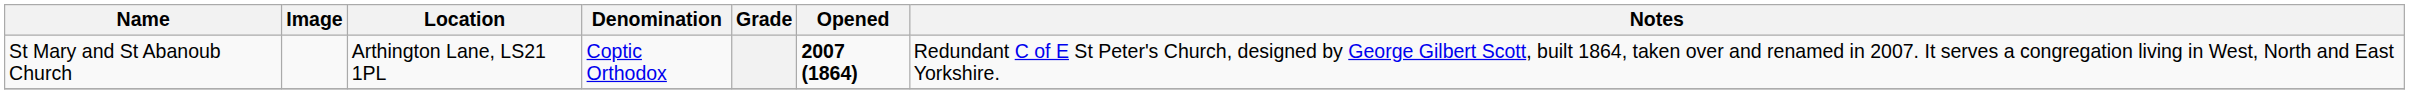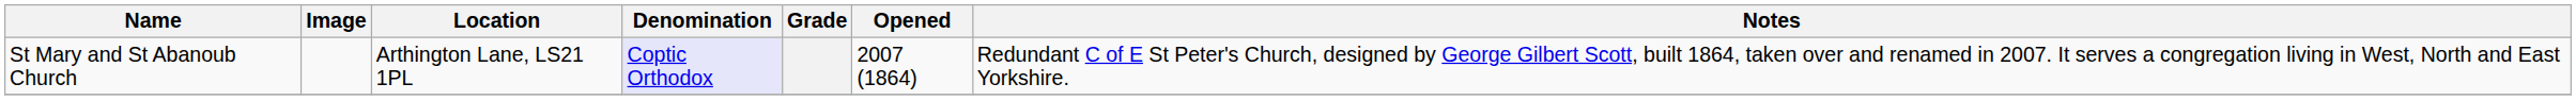 <table class="wikitable sortable">
 <tr>
 <th>Name</th>
 <th class="unsortable">Image</th>
 <th>Location</th>
 <th>Denomination</th>
 <th>Grade</th>
 <th>Opened</th>
 <th class="unsortable">Notes</th>
 </tr>
 <tr>
 <td>St Mary and St Abanoub Church </td>
 <td></td>
 <td>Arthington Lane, LS21 1PL</td>
-<td><a href='#'>Coptic Orthodox</a></td>
+<td style="background: lavender;"><a href='#'>Coptic Orthodox</a></td>
 <th></th>
-<td><strong>2007 (1864)</strong></td>
+<td>2007 (1864)</td>
 <td>Redundant <a href='#'>C of E</a> St Peter's Church, designed by <a href='#'>George Gilbert Scott</a>, built 1864, taken over and renamed in 2007. It serves a congregation living in West, North and East Yorkshire.</td>
 </tr>
 <tr>
 </tr>
 </table>
